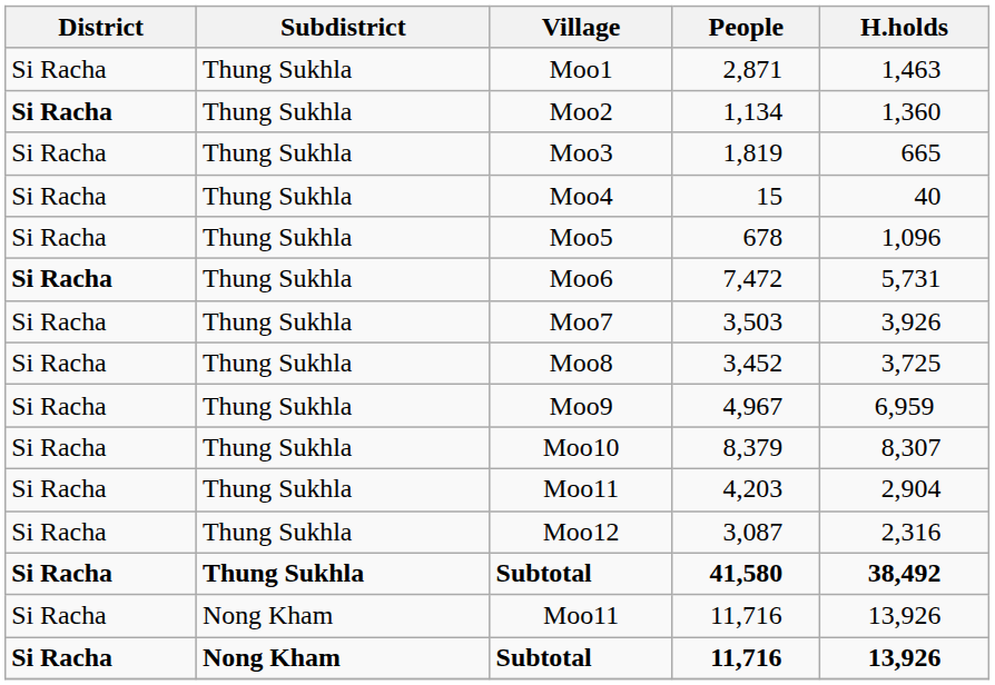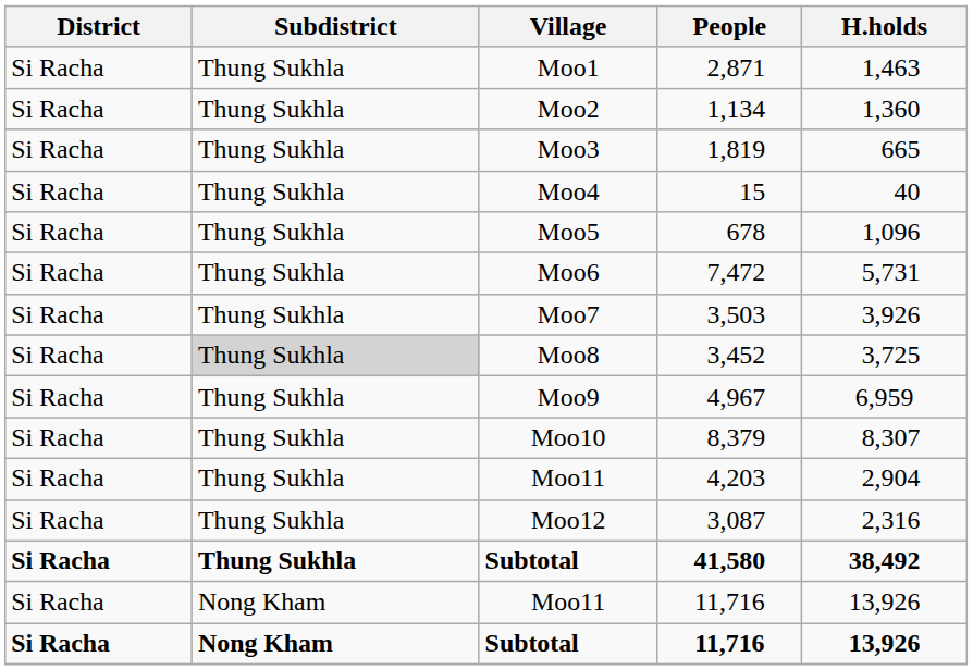 <table class="wikitable" style="width:47%; display:inline-table;">
 <tr>
 <th>District</th>
 <th>Subdistrict</th>
 <th>Village</th>
 <th>People</th>
 <th>H.holds</th>
 </tr>
 <tr>
 <td>Si Racha</td>
 <td>Thung Sukhla</td>
 <td style="text-align:center;">Moo1</td>
 <td style="text-align:center;">  2,871</td>
 <td style="text-align:center;">  1,463</td>
 </tr>
 <tr>
-<td><strong>Si Racha</strong></td>
+<td>Si Racha</td>
 <td>Thung Sukhla</td>
 <td style="text-align:center;">Moo2</td>
 <td style="text-align:center;">  1,134</td>
 <td style="text-align:center;">  1,360</td>
 </tr>
 <tr>
 <td>Si Racha</td>
 <td>Thung Sukhla</td>
 <td style="text-align:center;">Moo3</td>
 <td style="text-align:center;">  1,819</td>
 <td style="text-align:center;">     665</td>
 </tr>
 <tr>
 <td>Si Racha</td>
 <td>Thung Sukhla</td>
 <td style="text-align:center;">Moo4</td>
 <td style="text-align:center;">       15</td>
 <td style="text-align:center;">       40</td>
 </tr>
 <tr>
 <td>Si Racha</td>
 <td>Thung Sukhla</td>
 <td style="text-align:center;">Moo5</td>
 <td style="text-align:center;">     678</td>
 <td style="text-align:center;">  1,096</td>
 </tr>
 <tr>
-<td><strong>Si Racha</strong></td>
+<td>Si Racha</td>
 <td>Thung Sukhla</td>
 <td style="text-align:center;">Moo6</td>
 <td style="text-align:center;">  7,472</td>
 <td style="text-align:center;">  5,731</td>
 </tr>
 <tr>
 <td>Si Racha</td>
 <td>Thung Sukhla</td>
 <td style="text-align:center;">Moo7</td>
 <td style="text-align:center;">  3,503</td>
 <td style="text-align:center;">  3,926</td>
 </tr>
 <tr>
 <td>Si Racha</td>
-<td>Thung Sukhla</td>
+<td style="background: lightgrey;">Thung Sukhla</td>
 <td style="text-align:center;">Moo8</td>
 <td style="text-align:center;">  3,452</td>
 <td style="text-align:center;">  3,725</td>
 </tr>
 <tr>
 <td>Si Racha</td>
 <td>Thung Sukhla</td>
 <td style="text-align:center;">Moo9</td>
 <td style="text-align:center;">  4,967</td>
 <td style="text-align:center;">6,959</td>
 </tr>
 <tr>
 <td>Si Racha</td>
 <td>Thung Sukhla</td>
 <td style="text-align:center;">Moo10</td>
 <td style="text-align:center;">  8,379</td>
 <td style="text-align:center;">  8,307</td>
 </tr>
 <tr>
 <td>Si Racha</td>
 <td>Thung Sukhla</td>
 <td style="text-align:center;">Moo11</td>
 <td style="text-align:center;">  4,203</td>
 <td style="text-align:center;">  2,904</td>
 </tr>
 <tr>
 <td>Si Racha</td>
 <td>Thung Sukhla</td>
 <td style="text-align:center;">Moo12</td>
 <td style="text-align:center;">  3,087</td>
 <td style="text-align:center;">  2,316</td>
 </tr>
 <tr>
 <td><strong>Si Racha</strong></td>
 <td><strong>Thung Sukhla</strong></td>
 <td><strong>Subtotal</strong></td>
 <td style="text-align:center;"><strong>41,580</strong></td>
 <td style="text-align:center;"><strong>38,492</strong></td>
 </tr>
 <tr>
 <td>Si Racha</td>
 <td>Nong Kham</td>
 <td style="text-align:center;">Moo11</td>
 <td style="text-align:center;">11,716</td>
 <td style="text-align:center;">13,926</td>
 </tr>
 <tr>
 <td><strong>Si Racha</strong></td>
 <td><strong>Nong Kham</strong></td>
 <td><strong>Subtotal</strong></td>
 <td style="text-align:center;"><strong>11,716</strong></td>
 <td style="text-align:center;"><strong>13,926</strong></td>
 </tr>
 <tr>
 </tr>
 </table>
